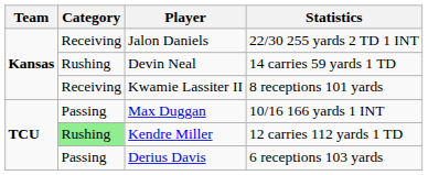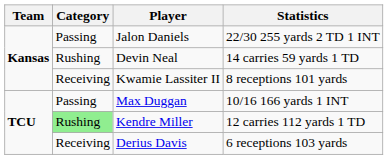 <table class="wikitable" style="float: right;">
 <tr>
 <th>Team</th>
 <th>Category</th>
 <th>Player</th>
 <th>Statistics</th>
 </tr>
 <tr>
 <td rowspan=3><strong>Kansas</strong></td>
-<td>Receiving</td>
+<td>Passing</td>
 <td>Jalon Daniels</td>
 <td>22/30 255 yards 2 TD 1 INT</td>
 </tr>
 <tr>
 <td>Rushing</td>
 <td>Devin Neal</td>
 <td>14 carries 59 yards 1 TD</td>
 </tr>
 <tr>
 <td>Receiving</td>
 <td>Kwamie Lassiter II</td>
 <td>8 receptions 101 yards</td>
 </tr>
 <tr>
 <td rowspan=3><strong>TCU</strong></td>
 <td>Passing</td>
 <td><a href='#'>Max Duggan</a></td>
 <td>10/16 166 yards 1 INT</td>
 </tr>
 <tr>
 <td style="background: lightgreen;">Rushing</td>
 <td><a href='#'>Kendre Miller</a></td>
 <td>12 carries 112 yards 1 TD</td>
 </tr>
 <tr>
-<td>Passing</td>
+<td>Receiving</td>
 <td><a href='#'>Derius Davis</a></td>
 <td>6 receptions 103 yards</td>
 </tr>
 </table>
